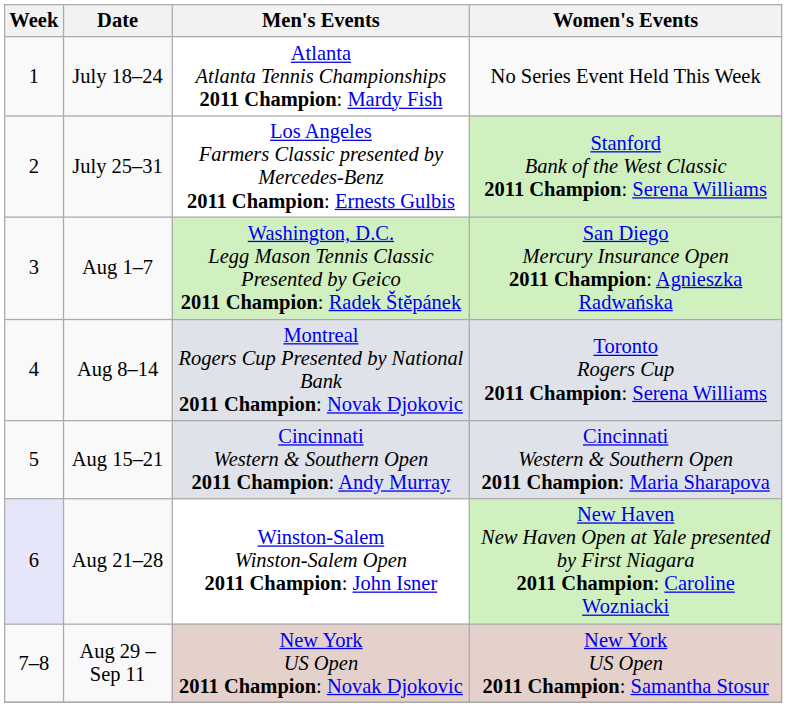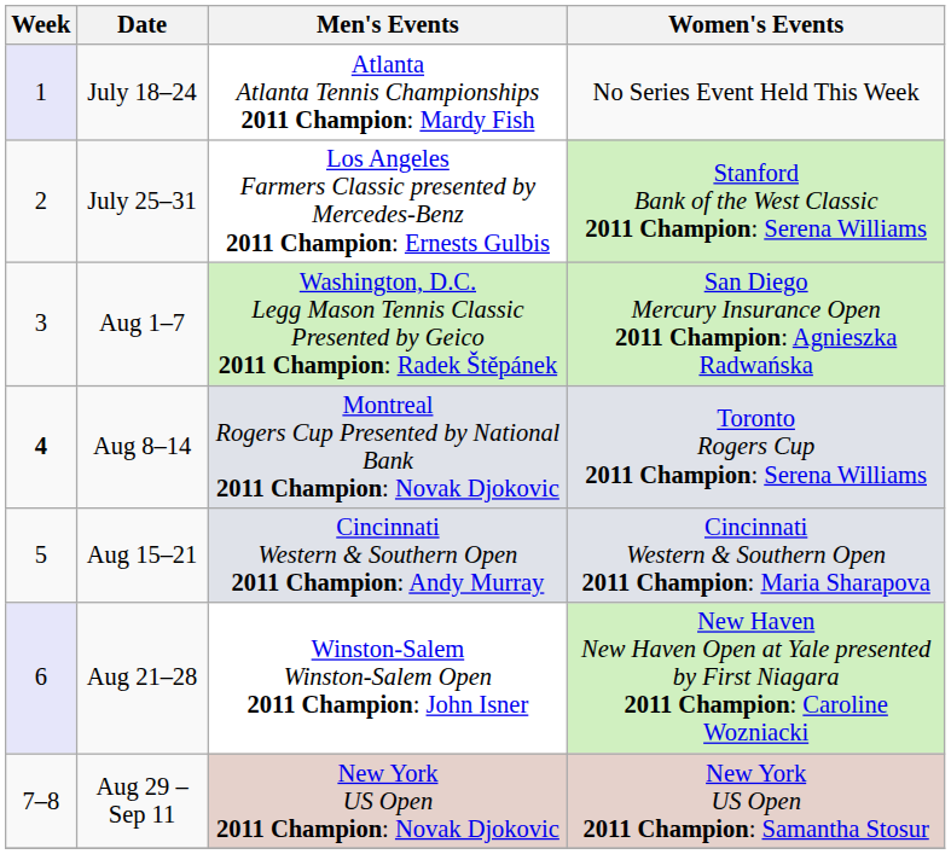 <table class="wikitable">
 <tr>
 <th>Week</th>
 <th>Date</th>
 <th>Men's Events</th>
 <th>Women's Events</th>
 </tr>
 <tr align=center>
-<td>1</td>
+<td style="background: lavender;">1</td>
 <td>July 18–24</td>
 <td bgcolor="#ffffff"><a href='#'>Atlanta</a><br><em>Atlanta Tennis Championships</em><br><strong>2011 Champion</strong>:  <a href='#'>Mardy Fish</a></td>
 <td>No Series Event Held This Week</td>
 </tr>
 <tr align=center>
 <td>2</td>
 <td>July 25–31</td>
 <td bgcolor="#ffffff"><a href='#'>Los Angeles</a><br><em>Farmers Classic presented by Mercedes-Benz</em><br><strong>2011 Champion</strong>:  <a href='#'>Ernests Gulbis</a></td>
 <td bgcolor="d0f0c0"><a href='#'>Stanford</a><br><em>Bank of the West Classic</em><br><strong>2011 Champion</strong>:   <a href='#'>Serena Williams</a></td>
 </tr>
 <tr align=center>
 <td>3</td>
 <td>Aug 1–7</td>
 <td bgcolor="d0f0c0"><a href='#'>Washington, D.C.</a><br><em>Legg Mason Tennis Classic Presented by Geico</em> <br><strong>2011 Champion</strong>:  <a href='#'>Radek Štěpánek</a></td>
 <td bgcolor="d0f0c0"><a href='#'>San Diego</a><br><em>Mercury Insurance Open</em><br><strong>2011 Champion</strong>:  <a href='#'>Agnieszka Radwańska</a></td>
 </tr>
 <tr align=center>
-<td>4</td>
+<td><strong>4</strong></td>
 <td>Aug 8–14</td>
 <td bgcolor="#dfe2e9"><a href='#'>Montreal</a><br><em>Rogers Cup Presented by National Bank</em><br><strong>2011 Champion</strong>:  <a href='#'>Novak Djokovic</a></td>
 <td bgcolor="#dfe2e9"><a href='#'>Toronto</a><br><em>Rogers Cup</em><br><strong>2011 Champion</strong>:  <a href='#'>Serena Williams</a></td>
 </tr>
 <tr align=center>
 <td>5</td>
 <td>Aug 15–21</td>
 <td bgcolor="#dfe2e9"><a href='#'>Cincinnati</a><br><em>Western & Southern Open</em><br><strong>2011 Champion</strong>:  <a href='#'>Andy Murray</a></td>
 <td bgcolor="#dfe2e9"><a href='#'>Cincinnati</a><br><em>Western & Southern Open</em><br><strong>2011 Champion</strong>:  <a href='#'>Maria Sharapova</a></td>
 </tr>
 <tr align=center>
 <td style="background: lavender;">6</td>
 <td>Aug 21–28</td>
 <td bgcolor="#ffffff"><a href='#'>Winston-Salem</a><br> <em>Winston-Salem Open</em><br><strong>2011 Champion</strong>:  <a href='#'>John Isner</a></td>
 <td bgcolor="d0f0c0"><a href='#'>New Haven</a><br> <em>New Haven Open at Yale presented by First Niagara</em><br><strong>2011 Champion</strong>:  <a href='#'>Caroline Wozniacki</a></td>
 </tr>
 <tr align=center>
 <td>7–8</td>
 <td>Aug 29 – Sep 11</td>
 <td bgcolor="#e5d1cb"><a href='#'>New York</a><br> <em>US Open</em><br><strong>2011 Champion</strong>:  <a href='#'>Novak Djokovic</a></td>
 <td bgcolor="#e5d1cb"><a href='#'>New York</a><br> <em>US Open</em><br><strong>2011 Champion</strong>:   <a href='#'>Samantha Stosur</a></td>
 </tr>
 <tr align=center>
 </tr>
 </table>
